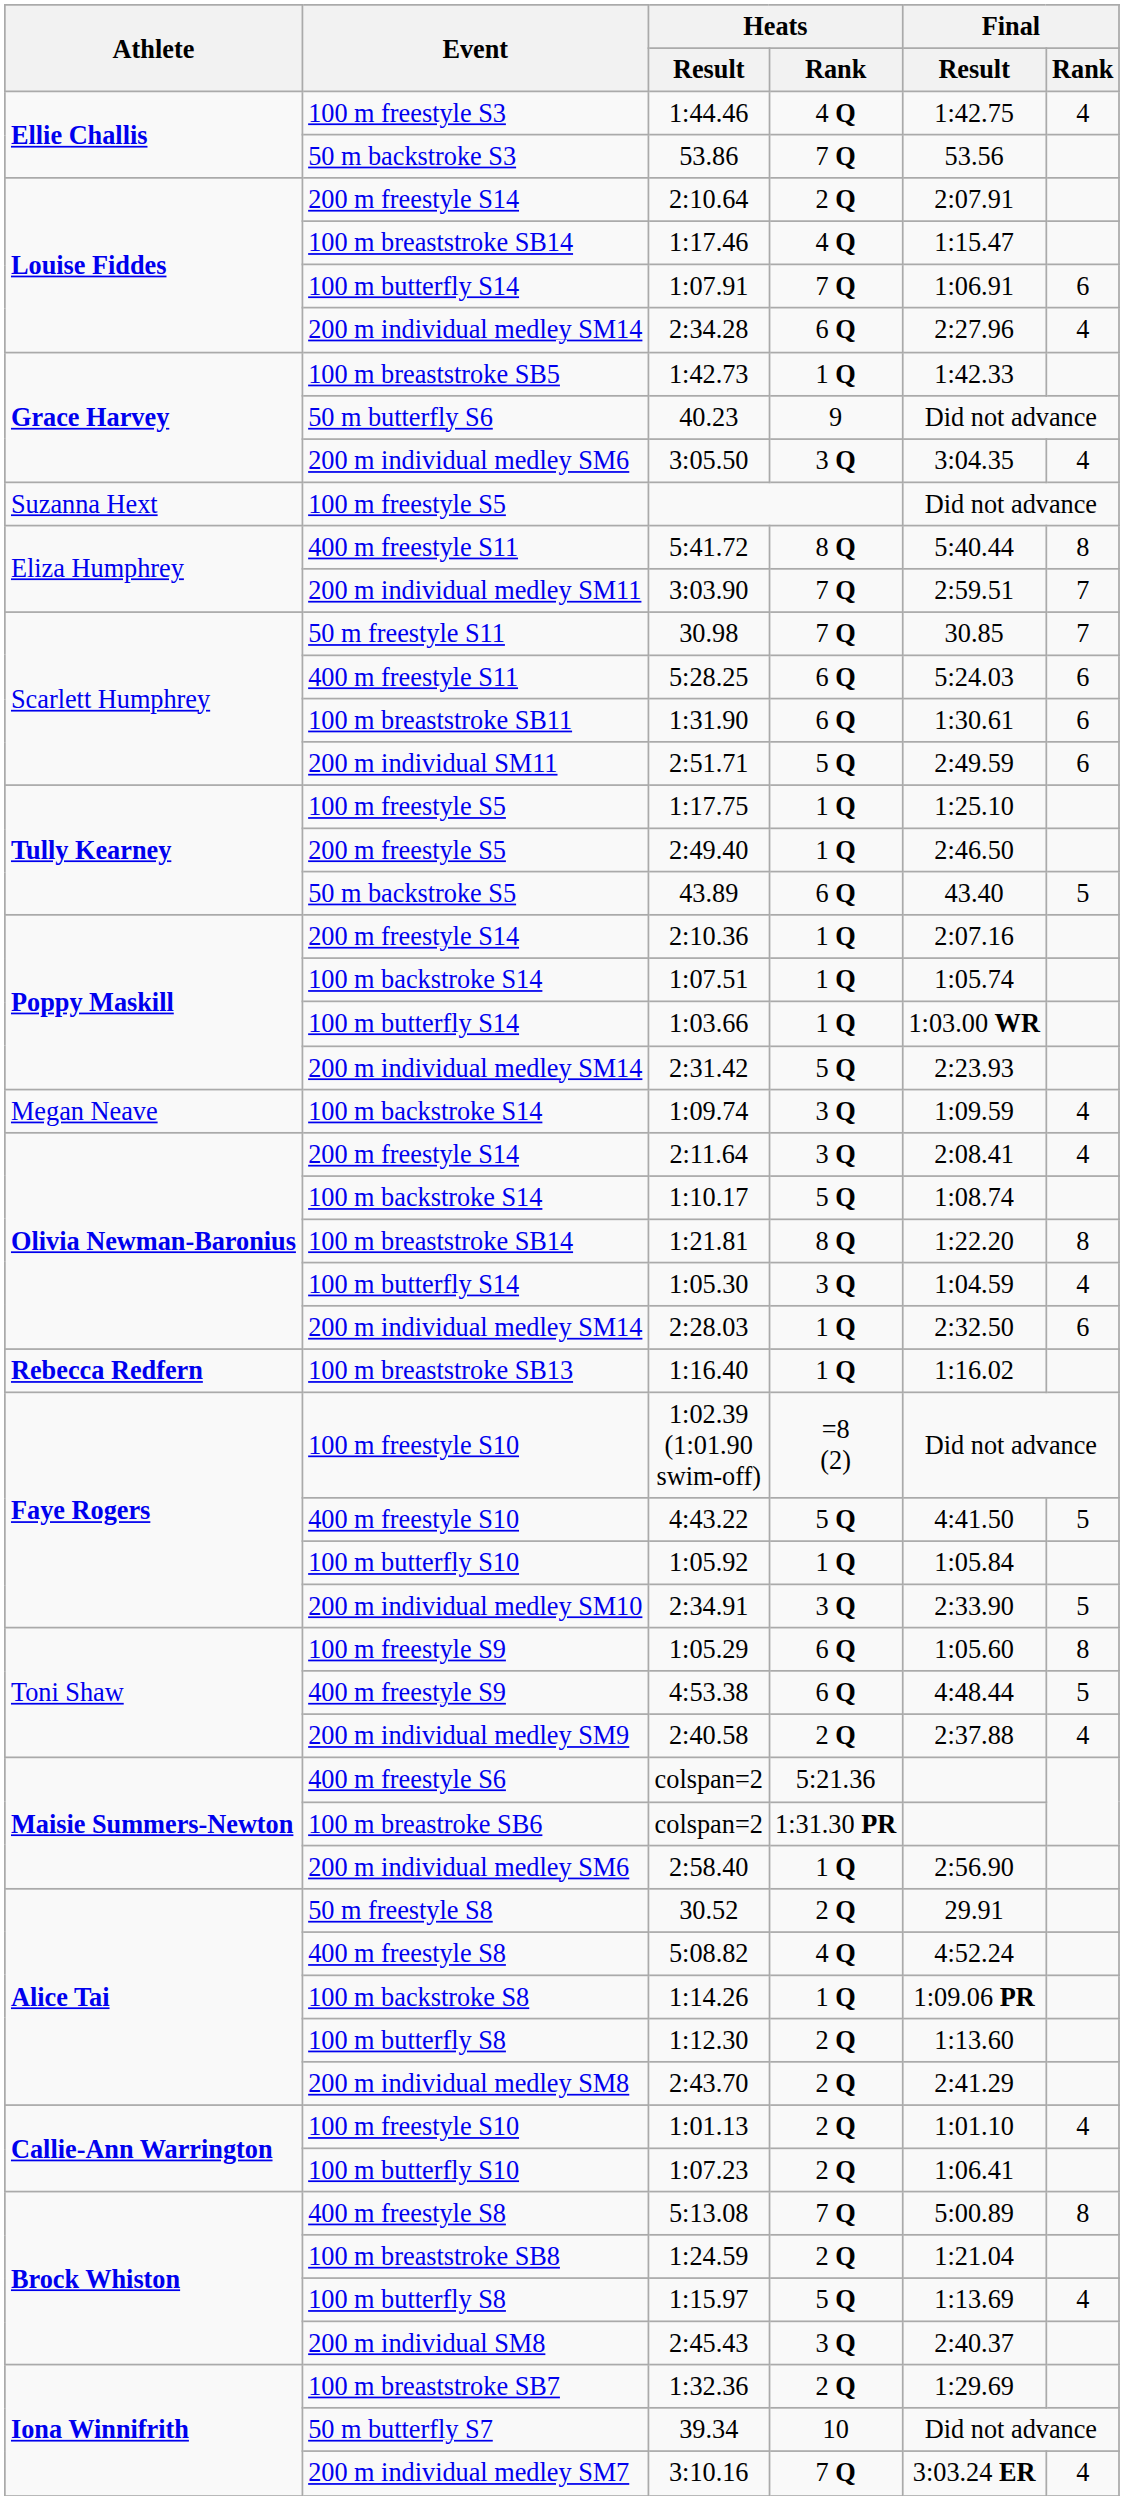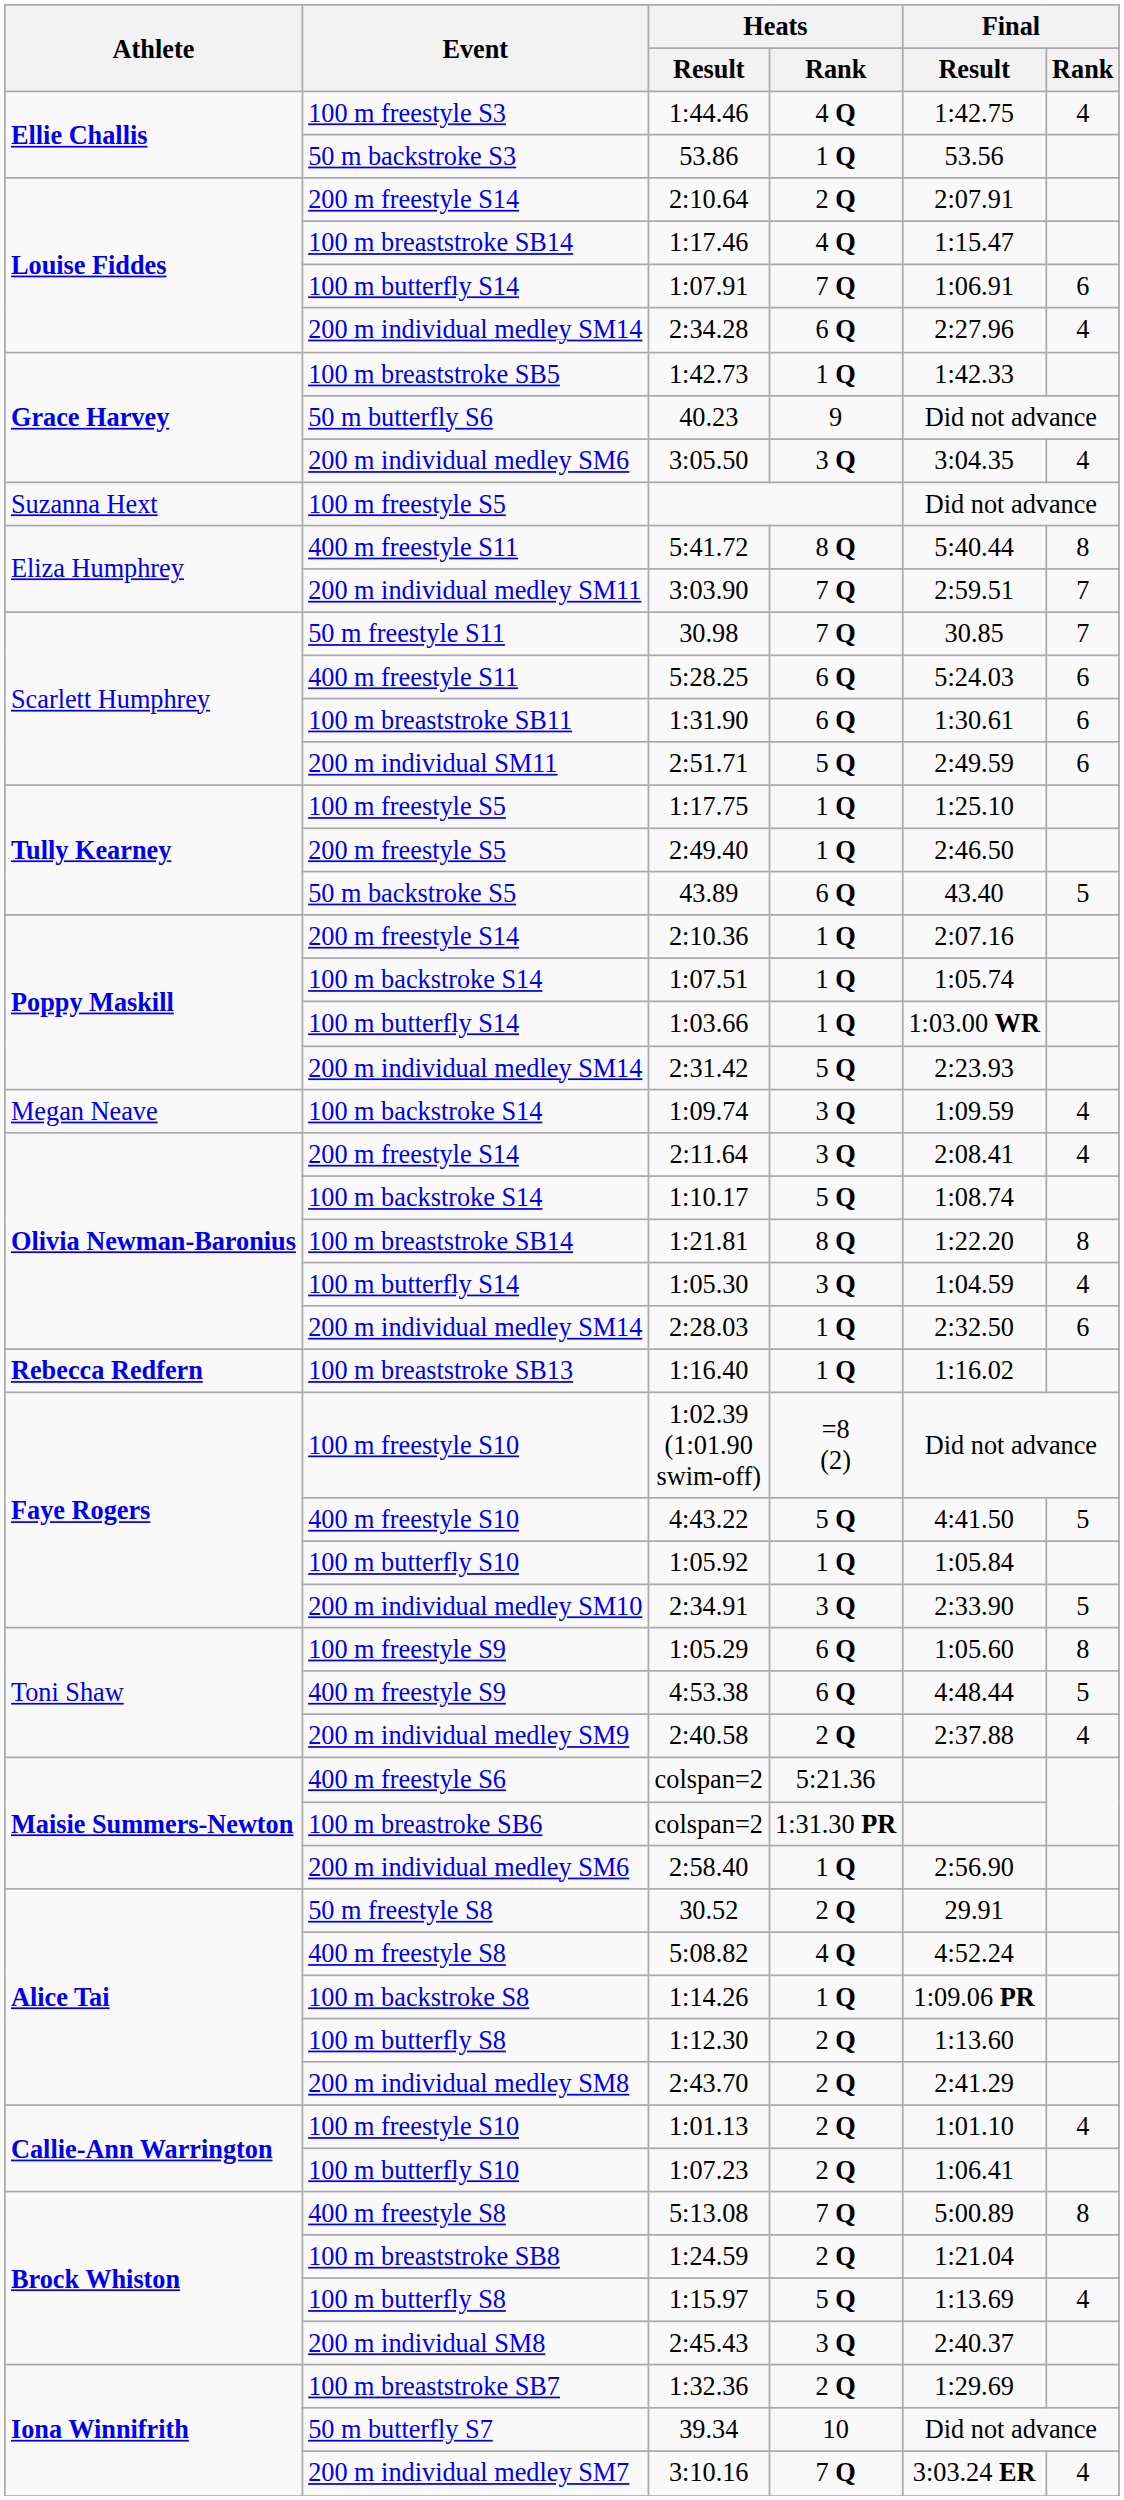 <table class=wikitable style="font-size:95%">
 <tr>
 <th rowspan="2">Athlete</th>
 <th rowspan="2">Event</th>
 <th colspan="2">Heats</th>
 <th colspan="2">Final</th>
 </tr>
 <tr>
 <th>Result</th>
 <th>Rank</th>
 <th>Result</th>
 <th>Rank</th>
 </tr>
 <tr style="text-align:center">
 <td style="text-align:left" rowspan=2><strong><a href='#'>Ellie Challis</a></strong></td>
 <td style="text-align:left"><a href='#'>100 m freestyle S3</a></td>
 <td>1:44.46</td>
 <td>4 <strong>Q</strong></td>
 <td>1:42.75</td>
 <td>4</td>
 </tr>
 <tr style="text-align:center">
 <td style="text-align:left"><a href='#'>50 m backstroke S3</a></td>
 <td>53.86</td>
-<td>7 <strong>Q</strong></td>
+<td>1 <strong>Q</strong></td>
 <td>53.56</td>
 <td></td>
 </tr>
 <tr style="text-align:center">
 <td style="text-align:left" rowspan=4><strong><a href='#'>Louise Fiddes</a></strong></td>
 <td style="text-align:left"><a href='#'>200 m freestyle S14</a></td>
 <td>2:10.64</td>
 <td>2 <strong>Q</strong></td>
 <td>2:07.91</td>
 <td></td>
 </tr>
 <tr style="text-align:center">
 <td style="text-align:left"><a href='#'>100 m breaststroke SB14</a></td>
 <td>1:17.46</td>
 <td>4 <strong>Q</strong></td>
 <td>1:15.47</td>
 <td></td>
 </tr>
 <tr style="text-align:center">
 <td style="text-align:left"><a href='#'>100 m butterfly S14</a></td>
 <td>1:07.91</td>
 <td>7 <strong>Q</strong></td>
 <td>1:06.91</td>
 <td>6</td>
 </tr>
 <tr style="text-align:center">
 <td style="text-align:left"><a href='#'>200 m individual medley SM14</a></td>
 <td>2:34.28</td>
 <td>6 <strong>Q</strong></td>
 <td>2:27.96</td>
 <td>4</td>
 </tr>
 <tr style="text-align:center">
 <td style="text-align:left" rowspan=3><strong><a href='#'>Grace Harvey</a></strong></td>
 <td style="text-align:left"><a href='#'>100 m breaststroke SB5</a></td>
 <td>1:42.73</td>
 <td>1 <strong>Q</strong></td>
 <td>1:42.33</td>
 <td></td>
 </tr>
 <tr style="text-align:center">
 <td style="text-align:left"><a href='#'>50 m butterfly S6</a></td>
 <td>40.23</td>
 <td>9</td>
 <td colspan=2>Did not advance</td>
 </tr>
 <tr style="text-align:center">
 <td style="text-align:left"><a href='#'>200 m individual medley SM6</a></td>
 <td>3:05.50</td>
 <td>3 <strong>Q</strong></td>
 <td>3:04.35</td>
 <td>4</td>
 </tr>
 <tr style="text-align:center">
 <td style="text-align:left"><a href='#'>Suzanna Hext</a></td>
 <td style="text-align:left"><a href='#'>100 m freestyle S5</a></td>
 <td colspan="2"></td>
 <td colspan="2">Did not advance</td>
 </tr>
 <tr style="text-align:center">
 <td style="text-align:left" rowspan=2><a href='#'>Eliza Humphrey</a></td>
 <td style="text-align:left"><a href='#'>400 m freestyle S11</a></td>
 <td>5:41.72</td>
 <td>8 <strong>Q</strong></td>
 <td>5:40.44</td>
 <td>8</td>
 </tr>
 <tr style="text-align:center">
 <td style="text-align:left"><a href='#'>200 m individual medley SM11</a></td>
 <td>3:03.90</td>
 <td>7 <strong>Q</strong></td>
 <td>2:59.51</td>
 <td>7</td>
 </tr>
 <tr style="text-align:center">
 <td style="text-align:left" rowspan=4><a href='#'>Scarlett Humphrey</a></td>
 <td style="text-align:left"><a href='#'>50 m freestyle S11</a></td>
 <td>30.98</td>
 <td>7 <strong>Q</strong></td>
 <td>30.85</td>
 <td>7</td>
 </tr>
 <tr style="text-align:center">
 <td style="text-align:left"><a href='#'>400 m freestyle S11</a></td>
 <td>5:28.25</td>
 <td>6 <strong>Q</strong></td>
 <td>5:24.03</td>
 <td>6</td>
 </tr>
 <tr style="text-align:center">
 <td style="text-align:left"><a href='#'>100 m breaststroke SB11</a></td>
 <td>1:31.90</td>
 <td>6 <strong>Q</strong></td>
 <td>1:30.61</td>
 <td>6</td>
 </tr>
 <tr style="text-align:center">
 <td style="text-align:left"><a href='#'>200 m individual SM11</a></td>
 <td>2:51.71</td>
 <td>5 <strong>Q</strong></td>
 <td>2:49.59</td>
 <td>6</td>
 </tr>
 <tr style="text-align:center">
 <td style="text-align:left" rowspan=3><strong><a href='#'>Tully Kearney</a></strong></td>
 <td style="text-align:left"><a href='#'>100 m freestyle S5</a></td>
 <td>1:17.75</td>
 <td>1 <strong>Q</strong></td>
 <td>1:25.10</td>
 <td></td>
 </tr>
 <tr style="text-align:center">
 <td style="text-align:left"><a href='#'>200 m freestyle S5</a></td>
 <td>2:49.40</td>
 <td>1 <strong>Q</strong></td>
 <td>2:46.50</td>
 <td></td>
 </tr>
 <tr style="text-align:center">
 <td style="text-align:left"><a href='#'>50 m backstroke S5</a></td>
 <td>43.89</td>
 <td>6 <strong>Q</strong></td>
 <td>43.40</td>
 <td>5</td>
 </tr>
 <tr style="text-align:center">
 <td style="text-align:left" rowspan=4><strong><a href='#'>Poppy Maskill</a></strong></td>
 <td style="text-align:left"><a href='#'>200 m freestyle S14</a></td>
 <td>2:10.36</td>
 <td>1 <strong>Q</strong></td>
 <td>2:07.16</td>
 <td></td>
 </tr>
 <tr style="text-align:center">
 <td style="text-align:left"><a href='#'>100 m backstroke S14</a></td>
 <td>1:07.51</td>
 <td>1 <strong>Q</strong></td>
 <td>1:05.74</td>
 <td></td>
 </tr>
 <tr style="text-align:center">
 <td style="text-align:left"><a href='#'>100 m butterfly S14</a></td>
 <td>1:03.66</td>
 <td>1 <strong>Q</strong></td>
 <td>1:03.00 <strong>WR</strong></td>
 <td></td>
 </tr>
 <tr style="text-align:center">
 <td style="text-align:left"><a href='#'>200 m individual medley SM14</a></td>
 <td>2:31.42</td>
 <td>5 <strong>Q</strong></td>
 <td>2:23.93</td>
 <td></td>
 </tr>
 <tr style="text-align:center">
 <td style="text-align:left"><a href='#'>Megan Neave</a></td>
 <td style="text-align:left"><a href='#'>100 m backstroke S14</a></td>
 <td>1:09.74</td>
 <td>3 <strong>Q</strong></td>
 <td>1:09.59</td>
 <td>4</td>
 </tr>
 <tr style="text-align:center">
 <td style="text-align:left" rowspan=5><strong><a href='#'>Olivia Newman-Baronius</a></strong></td>
 <td style="text-align:left"><a href='#'>200 m freestyle S14</a></td>
 <td>2:11.64</td>
 <td>3 <strong>Q</strong></td>
 <td>2:08.41</td>
 <td>4</td>
 </tr>
 <tr style="text-align:center">
 <td style="text-align:left"><a href='#'>100 m backstroke S14</a></td>
 <td>1:10.17</td>
 <td>5 <strong>Q</strong></td>
 <td>1:08.74</td>
 <td></td>
 </tr>
 <tr style="text-align:center">
 <td style="text-align:left"><a href='#'>100 m breaststroke SB14</a></td>
 <td>1:21.81</td>
 <td>8 <strong>Q</strong></td>
 <td>1:22.20</td>
 <td>8</td>
 </tr>
 <tr style="text-align:center">
 <td style="text-align:left"><a href='#'>100 m butterfly S14</a></td>
 <td>1:05.30</td>
 <td>3 <strong>Q</strong></td>
 <td>1:04.59</td>
 <td>4</td>
 </tr>
 <tr style="text-align:center">
 <td style="text-align:left"><a href='#'>200 m individual medley SM14</a></td>
 <td>2:28.03</td>
 <td>1 <strong>Q</strong></td>
 <td>2:32.50</td>
 <td>6</td>
 </tr>
 <tr style="text-align:center">
 <td style="text-align:left"><strong><a href='#'>Rebecca Redfern</a></strong></td>
 <td style="text-align:left"><a href='#'>100 m breaststroke SB13</a></td>
 <td>1:16.40</td>
 <td>1 <strong>Q</strong></td>
 <td>1:16.02</td>
 <td></td>
 </tr>
 <tr style="text-align:center">
 <td style="text-align:left" rowspan=4><strong><a href='#'>Faye Rogers</a></strong></td>
 <td style="text-align:left"><a href='#'>100 m freestyle S10</a></td>
 <td>1:02.39<br>(1:01.90<br>swim-off)</td>
 <td>=8<br>(2)</td>
 <td colspan=2>Did not advance</td>
 </tr>
 <tr style="text-align:center">
 <td style="text-align:left"><a href='#'>400 m freestyle S10</a></td>
 <td>4:43.22</td>
 <td>5 <strong>Q</strong></td>
 <td>4:41.50</td>
 <td>5</td>
 </tr>
 <tr style="text-align:center">
 <td style="text-align:left"><a href='#'>100 m butterfly S10</a></td>
 <td>1:05.92</td>
 <td>1 <strong>Q</strong></td>
 <td>1:05.84</td>
 <td></td>
 </tr>
 <tr style="text-align:center">
 <td style="text-align:left"><a href='#'>200 m individual medley SM10</a></td>
 <td>2:34.91</td>
 <td>3 <strong>Q</strong></td>
 <td>2:33.90</td>
 <td>5</td>
 </tr>
 <tr style="text-align:center">
 <td style="text-align:left" rowspan=3><a href='#'>Toni Shaw</a></td>
 <td style="text-align:left"><a href='#'>100 m freestyle S9</a></td>
 <td>1:05.29</td>
 <td>6 <strong>Q</strong></td>
 <td>1:05.60</td>
 <td>8</td>
 </tr>
 <tr style="text-align:center">
 <td style="text-align:left"><a href='#'>400 m freestyle S9</a></td>
 <td>4:53.38</td>
 <td>6 <strong>Q</strong></td>
 <td>4:48.44</td>
 <td>5</td>
 </tr>
 <tr style="text-align:center">
 <td style="text-align:left"><a href='#'>200 m individual medley SM9</a></td>
 <td>2:40.58</td>
 <td>2 <strong>Q</strong></td>
 <td>2:37.88</td>
 <td>4</td>
 </tr>
 <tr style="text-align:center">
 <td style="text-align:left" rowspan=3><strong><a href='#'>Maisie Summers-Newton</a></strong></td>
 <td style="text-align:left"><a href='#'>400 m freestyle S6</a></td>
 <td>colspan=2 </td>
 <td>5:21.36</td>
 <td></td>
 </tr>
 <tr align=center>
 <td style="text-align:left"><a href='#'>100 m breastroke SB6</a></td>
 <td>colspan=2 </td>
 <td>1:31.30 <strong>PR</strong></td>
 <td></td>
 </tr>
 <tr style="text-align:center">
 <td style="text-align:left"><a href='#'>200 m individual medley SM6</a></td>
 <td>2:58.40</td>
 <td>1 <strong>Q</strong></td>
 <td>2:56.90</td>
 <td></td>
 </tr>
 <tr style="text-align:center">
 <td style="text-align:left" rowspan=5><strong><a href='#'>Alice Tai</a></strong></td>
 <td style="text-align:left"><a href='#'>50 m freestyle S8</a></td>
 <td>30.52</td>
 <td>2 <strong>Q</strong></td>
 <td>29.91</td>
 <td></td>
 </tr>
 <tr style="text-align:center">
 <td style="text-align:left"><a href='#'>400 m freestyle S8</a></td>
 <td>5:08.82</td>
 <td>4 <strong>Q</strong></td>
 <td>4:52.24</td>
 <td></td>
 </tr>
 <tr style="text-align:center">
 <td style="text-align:left"><a href='#'>100 m backstroke S8</a></td>
 <td>1:14.26</td>
 <td>1 <strong>Q</strong></td>
 <td>1:09.06 <strong>PR</strong></td>
 <td></td>
 </tr>
 <tr style="text-align:center">
 <td style="text-align:left"><a href='#'>100 m butterfly S8</a></td>
 <td>1:12.30</td>
 <td>2 <strong>Q</strong></td>
 <td>1:13.60</td>
 <td></td>
 </tr>
 <tr style="text-align:center">
 <td style="text-align:left"><a href='#'>200 m individual medley  SM8</a></td>
 <td>2:43.70</td>
 <td>2 <strong>Q</strong></td>
 <td>2:41.29</td>
 <td></td>
 </tr>
 <tr style="text-align:center">
 <td style="text-align:left" rowspan=2><strong><a href='#'>Callie-Ann Warrington</a></strong></td>
 <td style="text-align:left"><a href='#'>100 m freestyle S10</a></td>
 <td>1:01.13</td>
 <td>2 <strong>Q</strong></td>
 <td>1:01.10</td>
 <td>4</td>
 </tr>
 <tr style="text-align:center">
 <td style="text-align:left"><a href='#'>100 m butterfly S10</a></td>
 <td>1:07.23</td>
 <td>2 <strong>Q</strong></td>
 <td>1:06.41</td>
 <td></td>
 </tr>
 <tr style="text-align:center">
 <td style="text-align:left" rowspan=4><strong><a href='#'>Brock Whiston</a></strong></td>
 <td style="text-align:left"><a href='#'>400 m freestyle S8</a></td>
 <td>5:13.08</td>
 <td>7 <strong>Q</strong></td>
 <td>5:00.89</td>
 <td>8</td>
 </tr>
 <tr style="text-align:center">
 <td style="text-align:left"><a href='#'>100 m breaststroke SB8</a></td>
 <td>1:24.59</td>
 <td>2 <strong>Q</strong></td>
 <td>1:21.04</td>
 <td></td>
 </tr>
 <tr style="text-align:center">
 <td style="text-align:left"><a href='#'>100 m butterfly S8</a></td>
 <td>1:15.97</td>
 <td>5 <strong>Q</strong></td>
 <td>1:13.69</td>
 <td>4</td>
 </tr>
 <tr align=center>
 <td style="text-align:left"><a href='#'>200 m individual SM8</a></td>
 <td>2:45.43</td>
 <td>3 <strong>Q</strong></td>
 <td>2:40.37</td>
 <td></td>
 </tr>
 <tr style="text-align:center">
 <td style="text-align:left" rowspan=3><strong><a href='#'>Iona Winnifrith</a></strong></td>
 <td style="text-align:left"><a href='#'>100 m breaststroke SB7</a></td>
 <td>1:32.36</td>
 <td>2 <strong>Q</strong></td>
 <td>1:29.69</td>
 <td></td>
 </tr>
 <tr style="text-align:center">
 <td style="text-align:left"><a href='#'>50 m butterfly S7</a></td>
 <td>39.34</td>
 <td>10</td>
 <td colspan=2>Did not advance</td>
 </tr>
 <tr align=center>
 <td style="text-align:left"><a href='#'>200 m individual medley SM7</a></td>
 <td>3:10.16</td>
 <td>7 <strong>Q</strong></td>
 <td>3:03.24 <strong>ER</strong></td>
 <td>4</td>
 </tr>
 </table>
